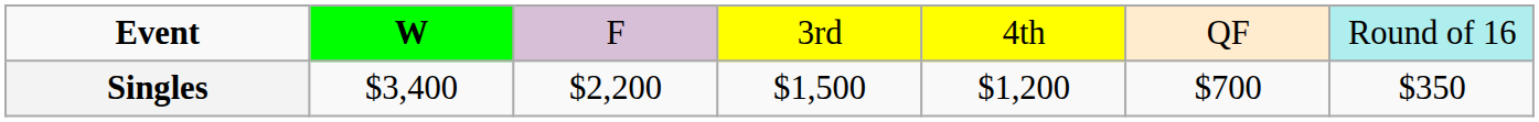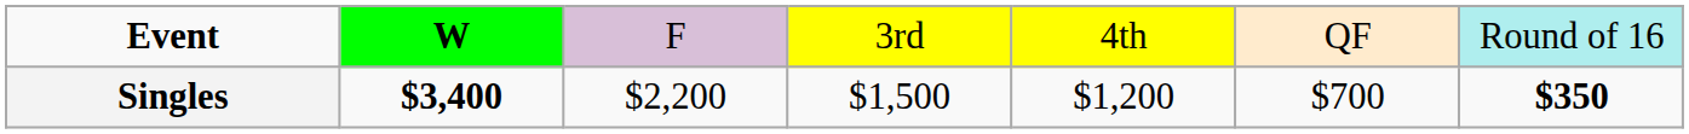 <table class=wikitable style=font-size:95%;text-align:center>
 <tr>
 <td style="width:130px"><strong>Event</strong></td>
 <td style="width:85px; background:lime"><strong>W</strong></td>
 <td style="width:85px; background:thistle">F</td>
 <td style="width:85px; background:#ffff00">3rd</td>
 <td style="width:85px; background:#ffff00">4th</td>
 <td style="width:85px; background:#ffebcd">QF</td>
 <td style="width:85px; background:#afeeee">Round of 16</td>
 </tr>
 <tr>
 <th style=background:#f3f3f3>Singles </th>
-<td>$3,400</td>
+<td><strong>$3,400</strong></td>
 <td>$2,200</td>
 <td>$1,500</td>
 <td>$1,200</td>
 <td>$700</td>
-<td>$350</td>
+<td><strong>$350</strong></td>
 </tr>
 </table>
